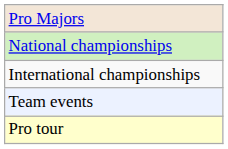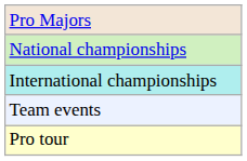 <table class="wikitable"  style="font-size:85%; width:20%;">
 <tr style="background:#F3E6D7;">
 <td><a href='#'>Pro Majors</a></td>
 </tr>
 <tr style="background:#d0f0c0;">
 <td><a href='#'>National championships</a></td>
 </tr>
 <tr>
-<td>International championships</td>
+<td style="background: paleturquoise;">International championships</td>
 </tr>
 <tr style="background:#ECF2FF;">
 <td>Team events</td>
 </tr>
 <tr style="background:#ffc;">
 <td>Pro tour</td>
 </tr>
 </table>
